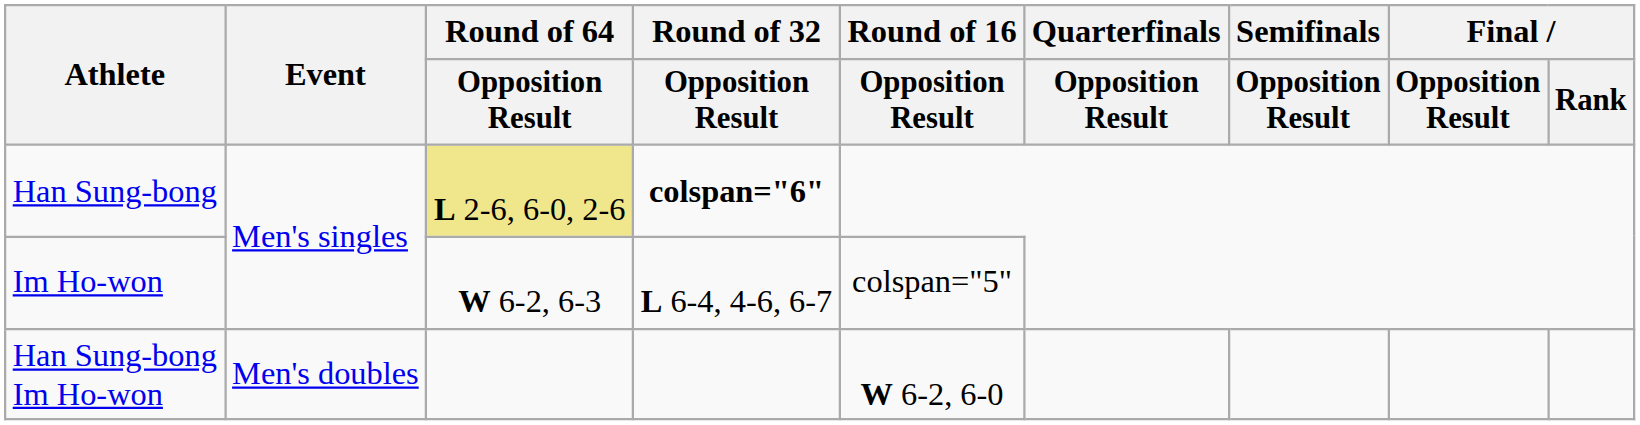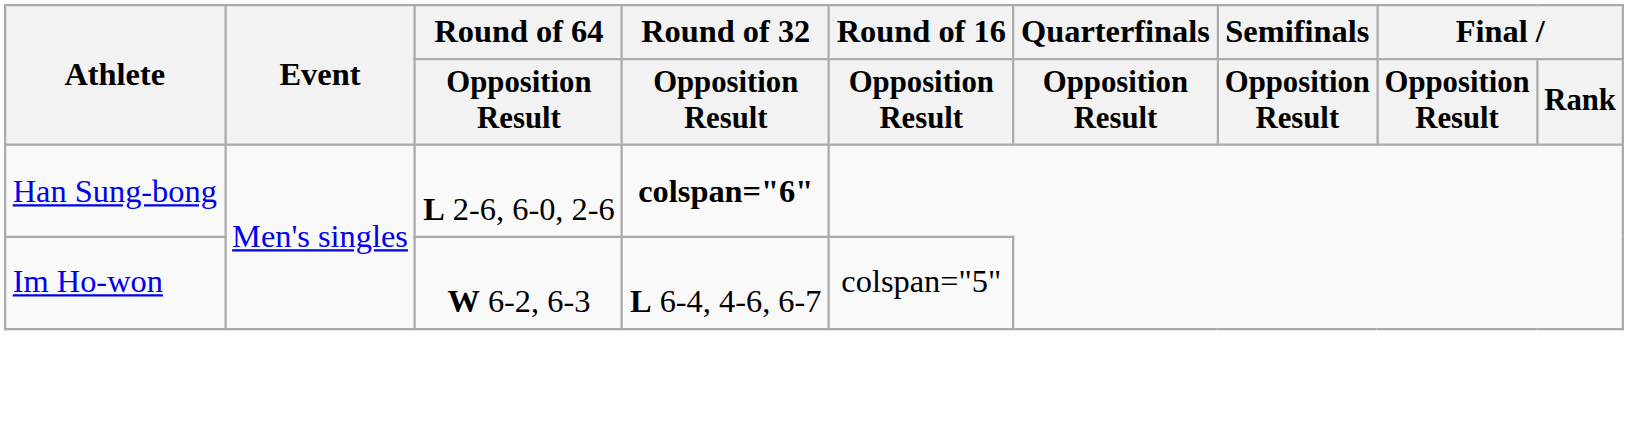 <table class="wikitable" style="font-size:90%;">
 <tr>
 <th rowspan=2>Athlete</th>
 <th rowspan=2>Event</th>
 <th>Round of 64</th>
 <th>Round of 32</th>
 <th>Round of 16</th>
 <th>Quarterfinals</th>
 <th>Semifinals</th>
 <th colspan=2>Final / </th>
 </tr>
 <tr style="font-size:95%">
 <th>Opposition<br>Result</th>
 <th>Opposition<br>Result</th>
 <th>Opposition<br>Result</th>
 <th>Opposition<br>Result</th>
 <th>Opposition<br>Result</th>
 <th>Opposition<br>Result</th>
 <th>Rank</th>
 </tr>
 <tr align=center>
 <td align=left><a href='#'>Han Sung-bong</a></td>
 <td rowspan=2 align=left><a href='#'>Men's singles</a></td>
-<td style="background: khaki;"><br><strong>L</strong> 2-6, 6-0, 2-6</td>
+<td><br><strong>L</strong> 2-6, 6-0, 2-6</td>
 <td><strong>colspan="6" </strong></td>
 </tr>
 <tr align=center>
 <td align=left><a href='#'>Im Ho-won</a></td>
 <td><br><strong>W</strong> 6-2, 6-3</td>
 <td><br><strong>L</strong> 6-4, 4-6, 6-7</td>
 <td>colspan="5" </td>
 </tr>
-<tr align=center>
-<td align=left><a href='#'>Han Sung-bong</a><br><a href='#'>Im Ho-won</a></td>
-<td align=left><a href='#'>Men's doubles</a></td>
-<td></td>
-<td></td>
-<td><br><strong>W</strong> 6-2, 6-0</td>
-<td></td>
-<td></td>
-<td></td>
-<td></td>
-</tr>
 </table>
